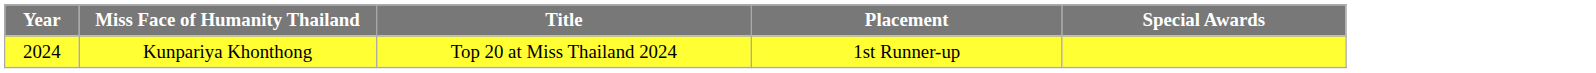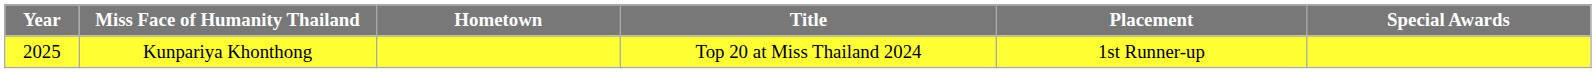 <table class="wikitable sortable" style="font-size: 90%; text-align:center">
 <tr>
 <th width="50" style="background-color:#787878;color:#FFFFFF;">Year</th>
 <th width="220" style="background-color:#787878;color:#FFFFFF;">Miss Face of Humanity Thailand</th>
+<th width="180" style="background-color:#787878;color:#FFFFFF;">Hometown</th>
 <th width="280" style="background-color:#787878;color:#FFFFFF;">Title</th>
 <th width="230" style="background-color:#787878;color:#FFFFFF;">Placement</th>
 <th width="210" style="background-color:#787878;color:#FFFFFF;">Special Awards</th>
 </tr>
 <tr style="background-color:#FFFF33;: bold">
-<td>2024</td>
+<td>2025</td>
 <td>Kunpariya Khonthong</td>
+<td align=left></td>
 <td>Top 20 at Miss Thailand 2024</td>
 <td>1st Runner-up</td>
 <td></td>
 </tr>
 </table>
